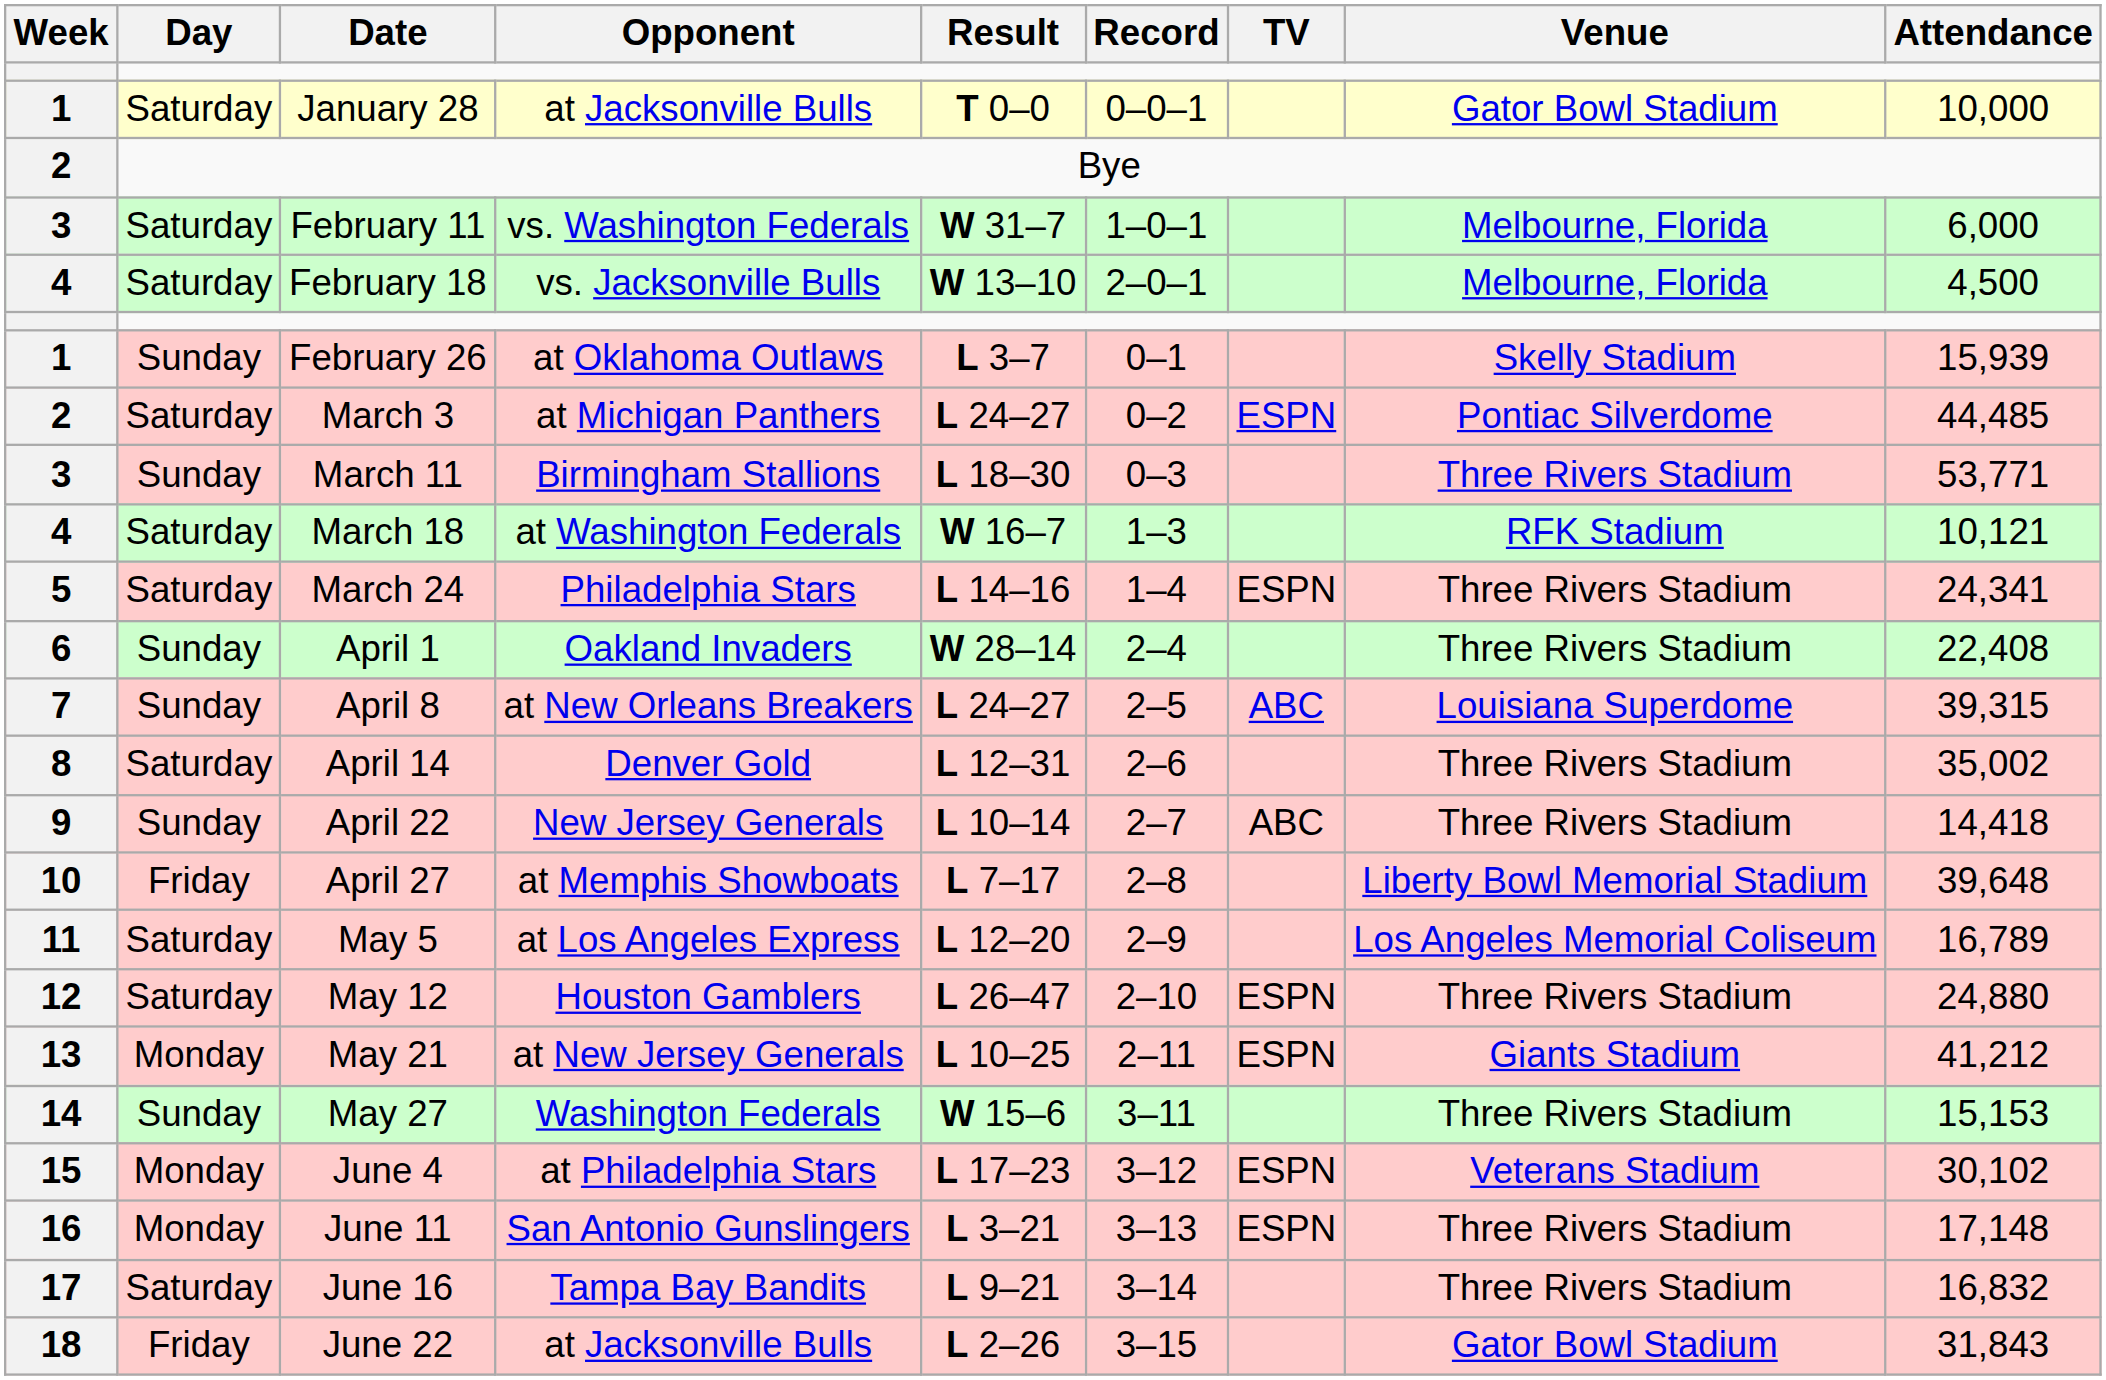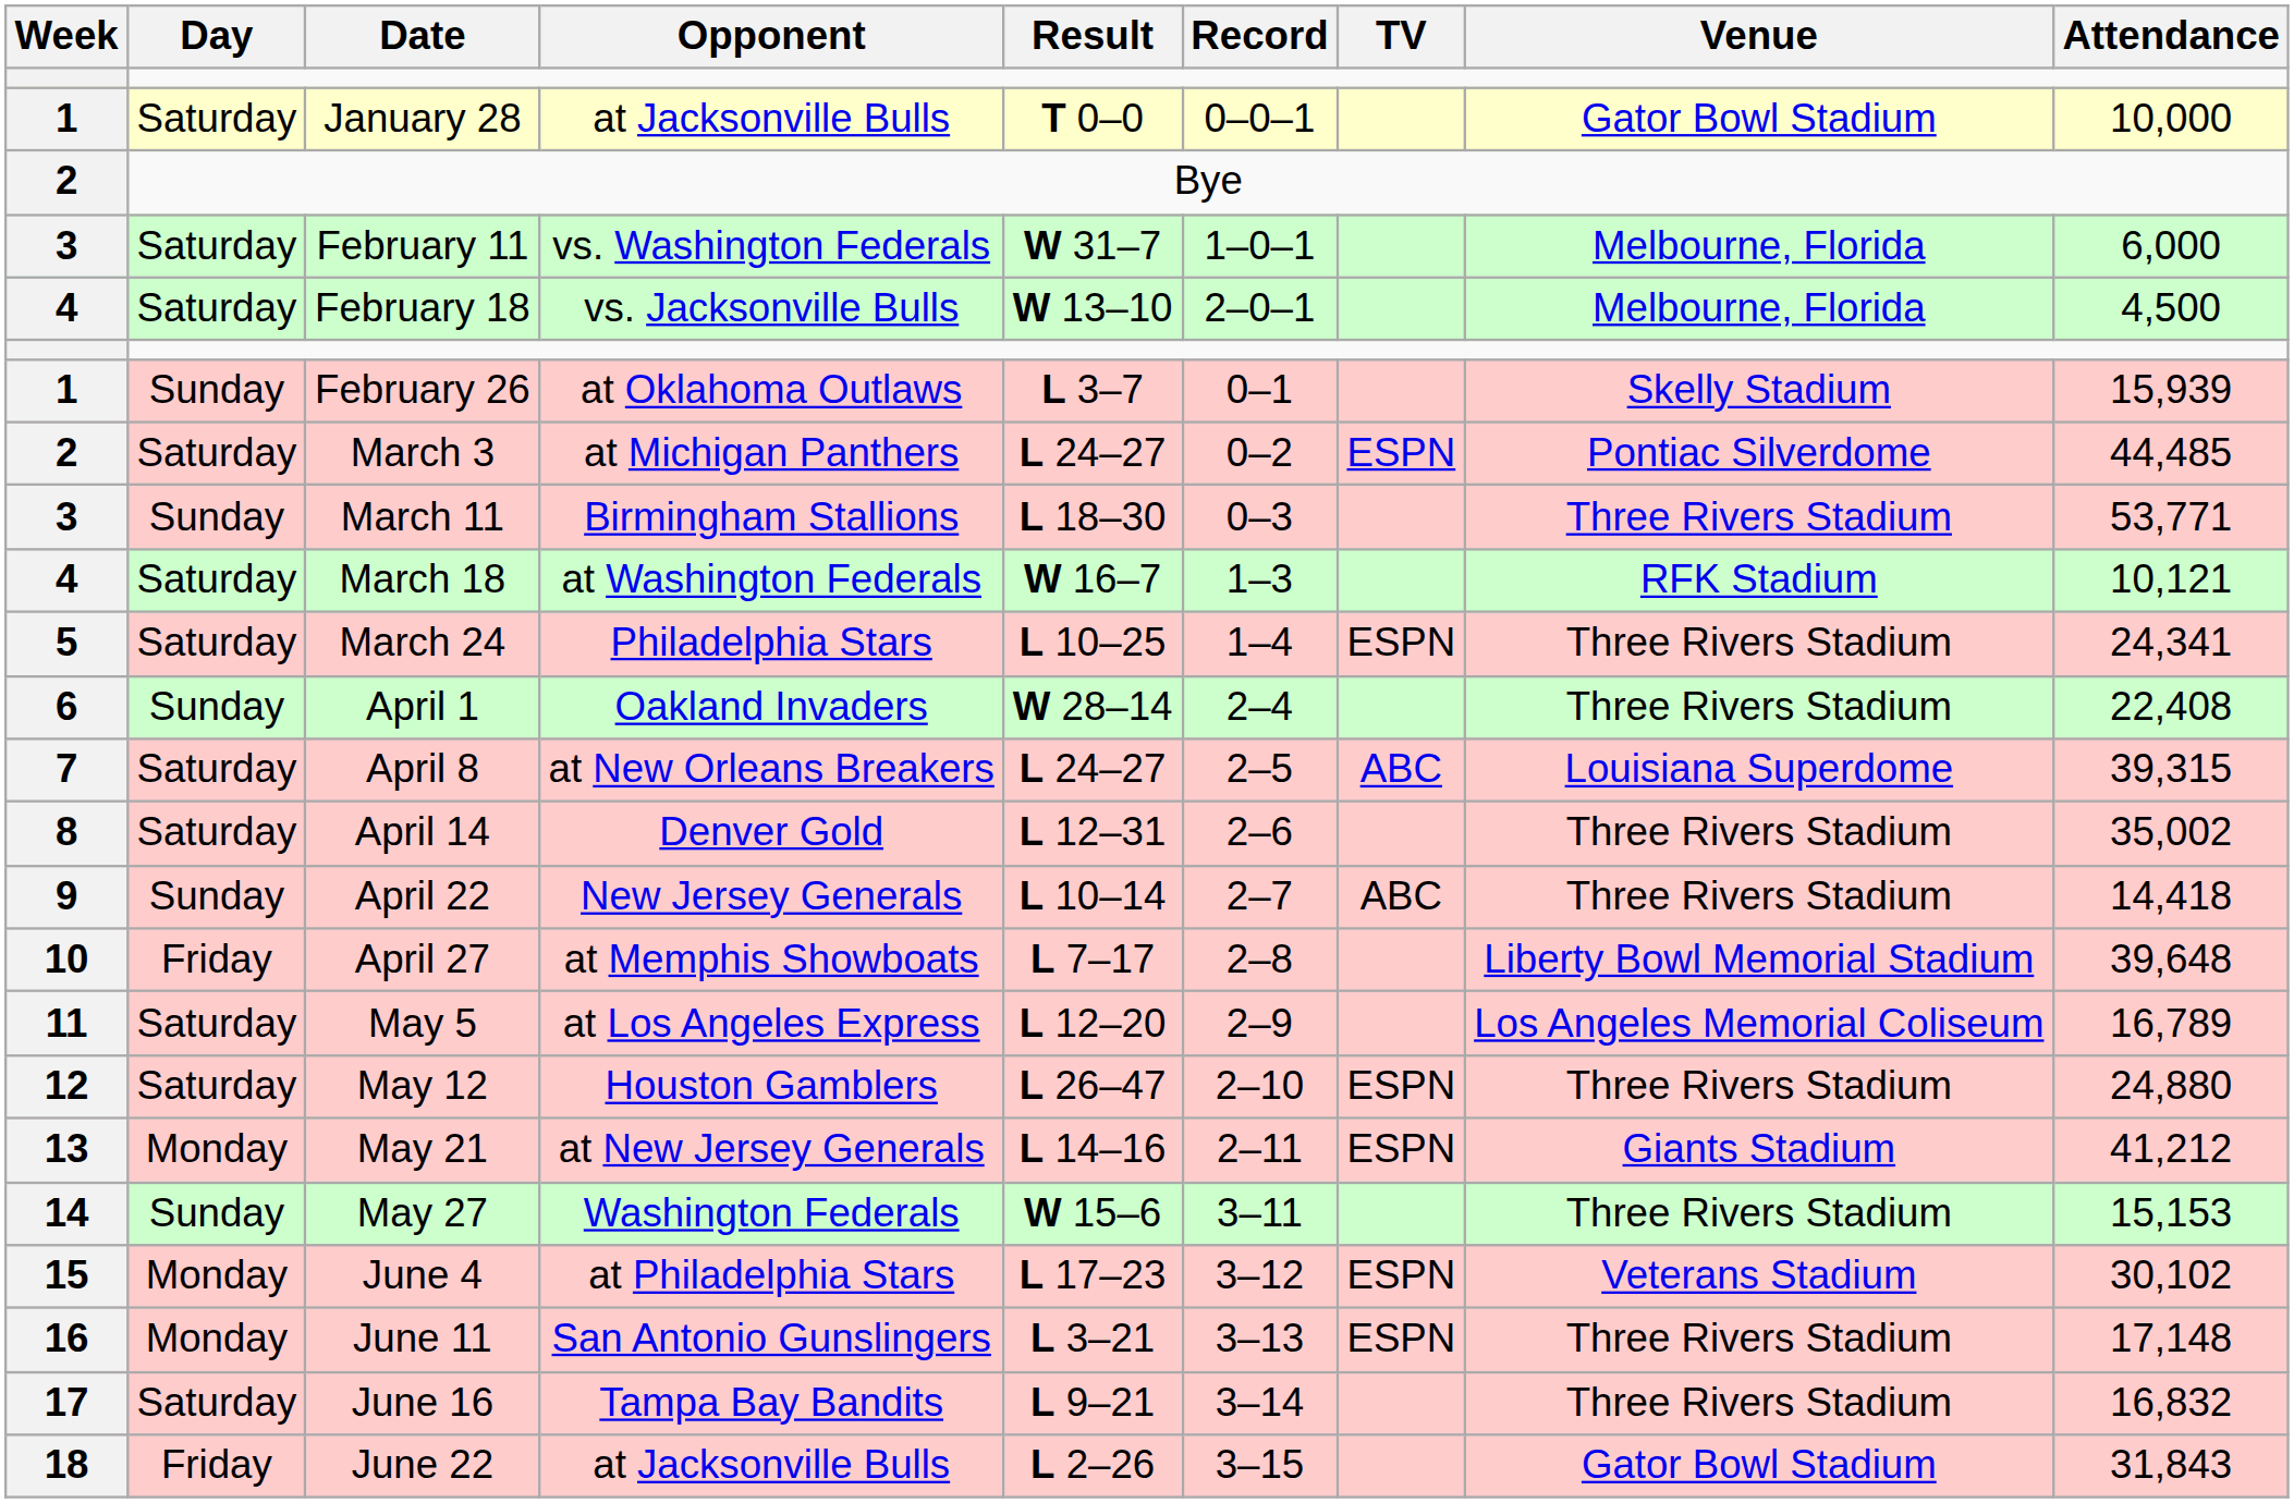 <table class="wikitable" style="text-align:center">
 <tr>
 <th>Week</th>
 <th>Day</th>
 <th>Date</th>
 <th>Opponent</th>
 <th>Result</th>
 <th>Record</th>
 <th>TV</th>
 <th>Venue</th>
 <th>Attendance</th>
 </tr>
 <tr>
 <th></th>
 </tr>
 <tr style="background:#ffc">
 <th>1</th>
 <td>Saturday</td>
 <td>January 28</td>
 <td>at <a href='#'>Jacksonville Bulls</a></td>
 <td><strong>T</strong> 0–0</td>
 <td>0–0–1</td>
 <td></td>
 <td><a href='#'>Gator Bowl Stadium</a></td>
 <td>10,000</td>
 </tr>
 <tr>
 <th>2</th>
 <td colspan=8>Bye</td>
 </tr>
 <tr style="background:#cfc">
 <th>3</th>
 <td>Saturday</td>
 <td>February 11</td>
 <td>vs. <a href='#'>Washington Federals</a></td>
 <td><strong>W</strong> 31–7</td>
 <td>1–0–1</td>
 <td></td>
 <td><a href='#'>Melbourne, Florida</a></td>
 <td>6,000</td>
 </tr>
 <tr style="background:#cfc">
 <th>4</th>
 <td>Saturday</td>
 <td>February 18</td>
 <td>vs. <a href='#'>Jacksonville Bulls</a></td>
 <td><strong>W</strong> 13–10</td>
 <td>2–0–1</td>
 <td></td>
 <td><a href='#'>Melbourne, Florida</a></td>
 <td>4,500</td>
 </tr>
 <tr>
 <th></th>
 </tr>
 <tr style="background:#fcc">
 <th>1</th>
 <td>Sunday</td>
 <td>February 26</td>
 <td>at <a href='#'>Oklahoma Outlaws</a></td>
 <td><strong>L</strong> 3–7</td>
 <td>0–1</td>
 <td></td>
 <td><a href='#'>Skelly Stadium</a></td>
 <td>15,939</td>
 </tr>
 <tr style="background:#fcc">
 <th>2</th>
 <td>Saturday</td>
 <td>March 3</td>
 <td>at <a href='#'>Michigan Panthers</a></td>
 <td><strong>L</strong> 24–27</td>
 <td>0–2</td>
 <td><a href='#'>ESPN</a></td>
 <td><a href='#'>Pontiac Silverdome</a></td>
 <td>44,485</td>
 </tr>
 <tr style="background:#fcc">
 <th>3</th>
 <td>Sunday</td>
 <td>March 11</td>
 <td><a href='#'>Birmingham Stallions</a></td>
 <td><strong>L</strong> 18–30</td>
 <td>0–3</td>
 <td></td>
 <td><a href='#'>Three Rivers Stadium</a></td>
 <td>53,771</td>
 </tr>
 <tr style="background:#cfc">
 <th>4</th>
 <td>Saturday</td>
 <td>March 18</td>
 <td>at <a href='#'>Washington Federals</a></td>
 <td><strong>W</strong> 16–7</td>
 <td>1–3</td>
 <td></td>
 <td><a href='#'>RFK Stadium</a></td>
 <td>10,121</td>
 </tr>
 <tr style="background:#fcc">
 <th>5</th>
 <td>Saturday</td>
 <td>March 24</td>
 <td><a href='#'>Philadelphia Stars</a></td>
-<td><strong>L</strong> 14–16</td>
+<td><strong>L</strong> 10–25</td>
 <td>1–4</td>
 <td>ESPN</td>
 <td>Three Rivers Stadium</td>
 <td>24,341</td>
 </tr>
 <tr style="background:#cfc">
 <th>6</th>
 <td>Sunday</td>
 <td>April 1</td>
 <td><a href='#'>Oakland Invaders</a></td>
 <td><strong>W</strong> 28–14</td>
 <td>2–4</td>
 <td></td>
 <td>Three Rivers Stadium</td>
 <td>22,408</td>
 </tr>
 <tr style="background:#fcc">
 <th>7</th>
-<td>Sunday</td>
+<td>Saturday</td>
 <td>April 8</td>
 <td>at <a href='#'>New Orleans Breakers</a></td>
 <td><strong>L</strong> 24–27</td>
 <td>2–5</td>
 <td><a href='#'>ABC</a></td>
 <td><a href='#'>Louisiana Superdome</a></td>
 <td>39,315</td>
 </tr>
 <tr style="background:#fcc">
 <th>8</th>
 <td>Saturday</td>
 <td>April 14</td>
 <td><a href='#'>Denver Gold</a></td>
 <td><strong>L</strong> 12–31</td>
 <td>2–6</td>
 <td></td>
 <td>Three Rivers Stadium</td>
 <td>35,002</td>
 </tr>
 <tr style="background:#fcc">
 <th>9</th>
 <td>Sunday</td>
 <td>April 22</td>
 <td><a href='#'>New Jersey Generals</a></td>
 <td><strong>L</strong> 10–14</td>
 <td>2–7</td>
 <td>ABC</td>
 <td>Three Rivers Stadium</td>
 <td>14,418</td>
 </tr>
 <tr style="background:#fcc">
 <th>10</th>
 <td>Friday</td>
 <td>April 27</td>
 <td>at <a href='#'>Memphis Showboats</a></td>
 <td><strong>L</strong> 7–17</td>
 <td>2–8</td>
 <td></td>
 <td><a href='#'>Liberty Bowl Memorial Stadium</a></td>
 <td>39,648</td>
 </tr>
 <tr style="background:#fcc">
 <th>11</th>
 <td>Saturday</td>
 <td>May 5</td>
 <td>at <a href='#'>Los Angeles Express</a></td>
 <td><strong>L</strong> 12–20</td>
 <td>2–9</td>
 <td></td>
 <td><a href='#'>Los Angeles Memorial Coliseum</a></td>
 <td>16,789</td>
 </tr>
 <tr style="background:#fcc">
 <th>12</th>
 <td>Saturday</td>
 <td>May 12</td>
 <td><a href='#'>Houston Gamblers</a></td>
 <td><strong>L</strong> 26–47</td>
 <td>2–10</td>
 <td>ESPN</td>
 <td>Three Rivers Stadium</td>
 <td>24,880</td>
 </tr>
 <tr style="background:#fcc">
 <th>13</th>
 <td>Monday</td>
 <td>May 21</td>
 <td>at <a href='#'>New Jersey Generals</a></td>
-<td><strong>L</strong> 10–25</td>
+<td><strong>L</strong> 14–16</td>
 <td>2–11</td>
 <td>ESPN</td>
 <td><a href='#'>Giants Stadium</a></td>
 <td>41,212</td>
 </tr>
 <tr style="background:#cfc">
 <th>14</th>
 <td>Sunday</td>
 <td>May 27</td>
 <td><a href='#'>Washington Federals</a></td>
 <td><strong>W</strong> 15–6</td>
 <td>3–11</td>
 <td></td>
 <td>Three Rivers Stadium</td>
 <td>15,153</td>
 </tr>
 <tr style="background:#fcc">
 <th>15</th>
 <td>Monday</td>
 <td>June 4</td>
 <td>at <a href='#'>Philadelphia Stars</a></td>
 <td><strong>L</strong> 17–23</td>
 <td>3–12</td>
 <td>ESPN</td>
 <td><a href='#'>Veterans Stadium</a></td>
 <td>30,102</td>
 </tr>
 <tr style="background:#fcc">
 <th>16</th>
 <td>Monday</td>
 <td>June 11</td>
 <td><a href='#'>San Antonio Gunslingers</a></td>
 <td><strong>L</strong> 3–21</td>
 <td>3–13</td>
 <td>ESPN</td>
 <td>Three Rivers Stadium</td>
 <td>17,148</td>
 </tr>
 <tr style="background:#fcc">
 <th>17</th>
 <td>Saturday</td>
 <td>June 16</td>
 <td><a href='#'>Tampa Bay Bandits</a></td>
 <td><strong>L</strong> 9–21</td>
 <td>3–14</td>
 <td></td>
 <td>Three Rivers Stadium</td>
 <td>16,832</td>
 </tr>
 <tr style="background:#fcc">
 <th>18</th>
 <td>Friday</td>
 <td>June 22</td>
 <td>at <a href='#'>Jacksonville Bulls</a></td>
 <td><strong>L</strong> 2–26</td>
 <td>3–15</td>
 <td></td>
 <td><a href='#'>Gator Bowl Stadium</a></td>
 <td>31,843</td>
 </tr>
 </table>
